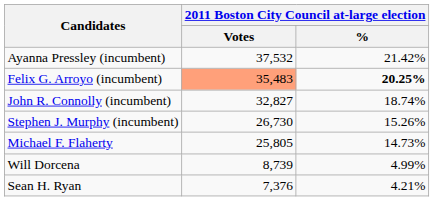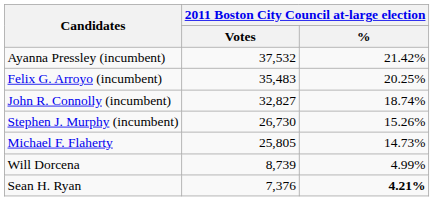 <table class=wikitable>
 <tr>
 <th colspan=1 rowspan=2><strong>Candidates</strong></th>
 <th colspan=2><strong><a href='#'>2011 Boston City Council at-large election</a></strong></th>
 </tr>
 <tr>
 <th>Votes</th>
 <th>%</th>
 </tr>
 <tr>
 <td>Ayanna Pressley (incumbent)</td>
 <td align="right">37,532</td>
 <td align="right">21.42%</td>
 </tr>
 <tr>
 <td><a href='#'>Felix G. Arroyo</a> (incumbent)</td>
-<td align="right" style="background: lightsalmon;">35,483</td>
-<td align="right"><strong>20.25%</strong></td>
+<td align="right">35,483</td>
+<td align="right">20.25%</td>
 </tr>
 <tr>
 <td><a href='#'>John R. Connolly</a> (incumbent)</td>
 <td align="right">32,827</td>
 <td align="right">18.74%</td>
 </tr>
 <tr>
 <td><a href='#'>Stephen J. Murphy</a> (incumbent)</td>
 <td align="right">26,730</td>
 <td align="right">15.26%</td>
 </tr>
 <tr>
 <td><a href='#'>Michael F. Flaherty</a></td>
 <td align="right">25,805</td>
 <td align="right">14.73%</td>
 </tr>
 <tr>
 <td>Will Dorcena</td>
 <td align="right">8,739</td>
 <td align="right">4.99%</td>
 </tr>
 <tr>
 <td>Sean H. Ryan</td>
 <td align="right">7,376</td>
-<td align="right">4.21%</td>
+<td align="right"><strong>4.21%</strong></td>
 </tr>
 </table>
